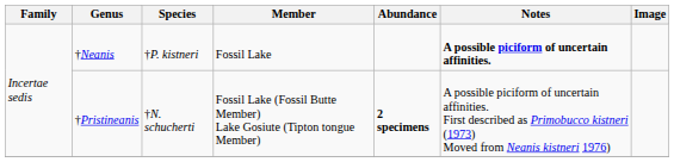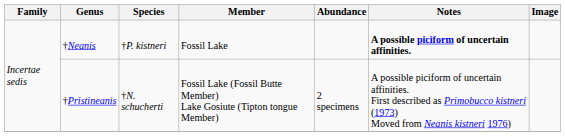 <table class="wikitable" style="margin:auto;width:100%;">
 <tr>
 <th>Family</th>
 <th>Genus</th>
 <th>Species</th>
 <th>Member</th>
 <th>Abundance</th>
 <th>Notes</th>
 <th>Image</th>
 </tr>
 <tr>
 <td rowspan=2><em>Incertae sedis</em></td>
 <td><br>†<em><a href='#'>Neanis</a></em></td>
 <td><br>†<em>P. kistneri</em></td>
 <td><br>Fossil Lake</td>
 <td></td>
 <td><strong><br>A possible <a href='#'>piciform</a> of uncertain affinities.</strong></td>
 <td></td>
 </tr>
 <tr>
 <td><br>†<em><a href='#'>Pristineanis</a></em></td>
 <td><br>†<em>N. schucherti</em></td>
 <td><br>Fossil Lake (Fossil Butte Member)<br> Lake Gosiute (Tipton tongue Member)</td>
-<td><strong><br>2 specimens</strong></td>
+<td><br>2 specimens</td>
 <td><br>A possible piciform of uncertain affinities.<br>First described as <em><a href='#'>Primobucco kistneri</a></em> (<a href='#'>1973</a>)<br> Moved from <em><a href='#'>Neanis kistneri</a></em> <a href='#'>1976</a>)</td>
 <td><br></td>
 </tr>
 <tr>
 </tr>
 </table>
